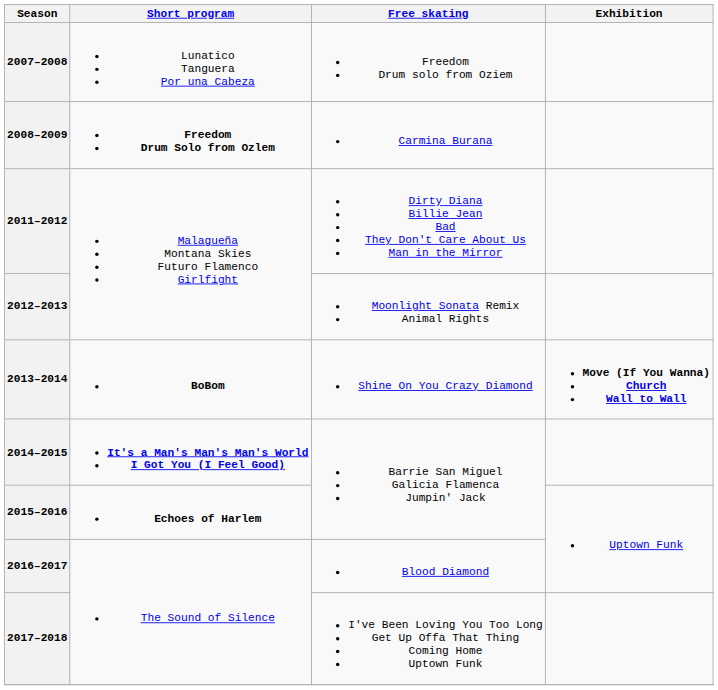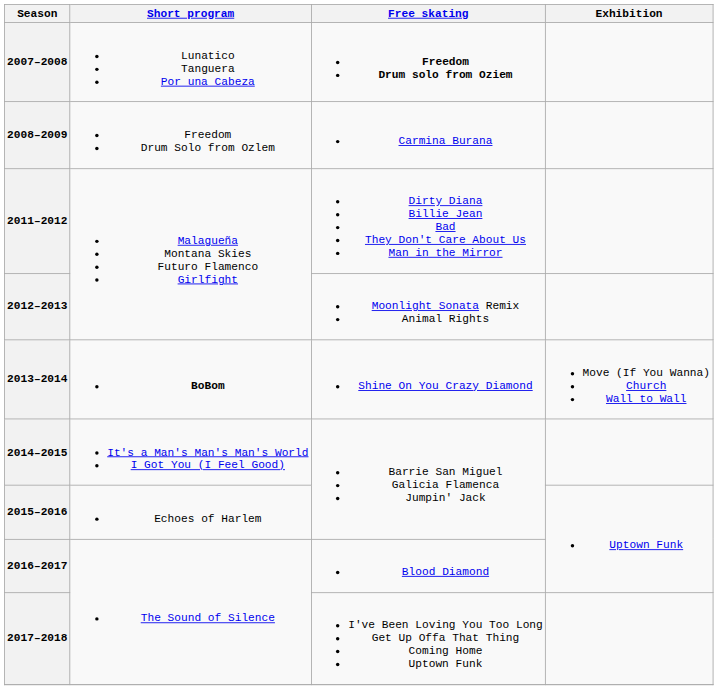 <table class=wikitable style=text-align:center>
 <tr>
 <th>Season</th>
 <th><a href='#'>Short program</a></th>
 <th><a href='#'>Free skating</a></th>
 <th>Exhibition</th>
 </tr>
 <tr>
 <th>2007–2008 <br> </th>
 <td><br><ul><li>Lunatico <br></li><li>Tanguera <br></li><li><a href='#'>Por una Cabeza</a> <br></li></ul></td>
-<td><br><ul><li>Freedom <br></li><li>Drum solo from Oziem <br></li></ul></td>
+<td><strong><br><ul><li>Freedom <br></li><li>Drum solo from Oziem <br></li></ul></strong></td>
 <td></td>
 </tr>
 <tr>
 <th>2008–2009 <br> </th>
-<td><strong><br><ul><li>Freedom <br></li><li>Drum Solo from Ozlem <br></li></ul></strong></td>
+<td><br><ul><li>Freedom <br></li><li>Drum Solo from Ozlem <br></li></ul></td>
 <td><br><ul><li><a href='#'>Carmina Burana</a> <br></li></ul></td>
 <td></td>
 </tr>
 <tr>
 <th>2011–2012 <br> </th>
 <td rowspan=2><br><ul><li><a href='#'>Malagueña</a></li><li>Montana Skies</li><li>Futuro Flamenco</li><li><a href='#'>Girlfight</a></li></ul></td>
 <td><br><ul><li><a href='#'>Dirty Diana</a></li><li><a href='#'>Billie Jean</a></li><li><a href='#'>Bad</a></li><li><a href='#'>They Don't Care About Us</a></li><li><a href='#'>Man in the Mirror</a> <br></li></ul></td>
 <td></td>
 </tr>
 <tr>
 <th>2012–2013 <br> </th>
 <td><br><ul><li><a href='#'>Moonlight Sonata</a> Remix <br></li><li>Animal Rights <br></li></ul></td>
 <td></td>
 </tr>
 <tr>
 <th>2013–2014 <br> </th>
 <td><strong><br><ul><li>BoBom <br></li></ul></strong></td>
 <td><br><ul><li><a href='#'>Shine On You Crazy Diamond</a> <br></li></ul></td>
-<td><strong><br><ul><li>Move (If You Wanna) <br></li><li><a href='#'>Church</a> <br></li><li><a href='#'>Wall to Wall</a> <br></li></ul></strong></td>
+<td><br><ul><li>Move (If You Wanna) <br></li><li><a href='#'>Church</a> <br></li><li><a href='#'>Wall to Wall</a> <br></li></ul></td>
 </tr>
 <tr>
 <th>2014–2015 <br> </th>
-<td><strong><br><ul><li><a href='#'>It's a Man's Man's Man's World</a> <br></li><li><a href='#'>I Got You (I Feel Good)</a> <br></li></ul></strong></td>
+<td><br><ul><li><a href='#'>It's a Man's Man's Man's World</a> <br></li><li><a href='#'>I Got You (I Feel Good)</a> <br></li></ul></td>
 <td rowspan=2><br><ul><li>Barrie San Miguel</li><li>Galicia Flamenca</li><li>Jumpin' Jack <br></li></ul></td>
 <td></td>
 </tr>
 <tr>
 <th>2015–2016 <br> </th>
-<td><strong><br><ul><li>Echoes of Harlem <br></li></ul></strong></td>
+<td><br><ul><li>Echoes of Harlem <br></li></ul></td>
 <td rowspan=2><br><ul><li><a href='#'>Uptown Funk</a> <br></li></ul></td>
 </tr>
 <tr>
 <th>2016–2017 <br> </th>
 <td rowspan=2><br><ul><li><a href='#'>The Sound of Silence</a> <br></li></ul></td>
 <td><br><ul><li><a href='#'>Blood Diamond</a> <br></li></ul></td>
 </tr>
 <tr>
 <th>2017–2018 <br> </th>
 <td><br><ul><li>I've Been Loving You Too Long <br></li><li>Get Up Offa That Thing <br></li><li>Coming Home <br></li><li>Uptown Funk <br></li></ul></td>
 <td></td>
 </tr>
 <tr>
 </tr>
 </table>
